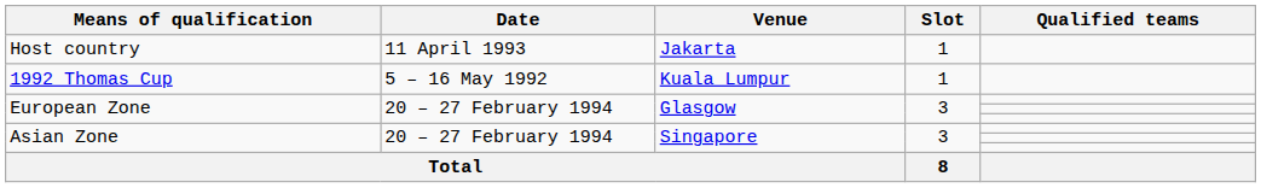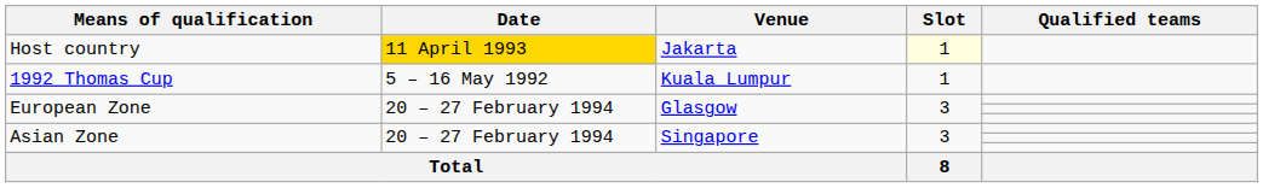 <table class="wikitable" width="900">
 <tr>
 <th width="30%">Means of qualification</th>
 <th width="22%">Date</th>
 <th width="20%">Venue</th>
 <th width="6%">Slot</th>
 <th width="22%">Qualified teams</th>
 </tr>
 <tr>
 <td>Host country</td>
-<td>11 April 1993</td>
+<td style="background: gold;">11 April 1993</td>
 <td><a href='#'>Jakarta</a></td>
-<td align="center">1</td>
+<td align="center" style="background: lightyellow;">1</td>
 <td></td>
 </tr>
 <tr>
 <td><a href='#'>1992 Thomas Cup</a></td>
 <td>5 – 16 May 1992</td>
 <td><a href='#'>Kuala Lumpur</a></td>
 <td align="center">1</td>
 <td></td>
 </tr>
 <tr>
 <td rowspan="3">European Zone</td>
 <td rowspan="3">20 – 27 February 1994</td>
 <td rowspan="3"><a href='#'>Glasgow</a></td>
 <td rowspan="3" align="center">3</td>
 <td></td>
 </tr>
 <tr>
 <td></td>
 </tr>
 <tr>
 <td></td>
 </tr>
 <tr>
 <td rowspan="3">Asian Zone</td>
 <td rowspan="3">20 – 27 February 1994</td>
 <td rowspan="3"><a href='#'>Singapore</a></td>
 <td rowspan="3" align="center">3</td>
 <td></td>
 </tr>
 <tr>
 <td></td>
 </tr>
 <tr>
 <td></td>
 </tr>
 <tr>
 <th colspan="3">Total</th>
 <th>8</th>
 <th></th>
 </tr>
 </table>
